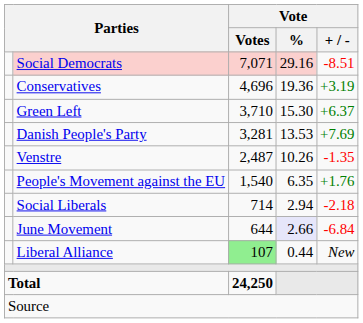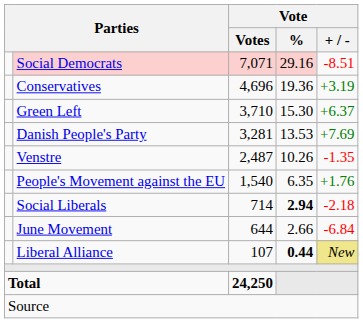 <table class="wikitable" style="text-align:right;">
 <tr>
 <th style="text-align:centre;" rowspan="2" colspan="2" width="225">Parties</th>
 <th colspan="3">Vote</th>
 </tr>
 <tr>
 <th width="15">Votes</th>
 <th width="15">%</th>
 <th width="15">+ / -</th>
 </tr>
 <tr>
 <td width="2" style="color:inherit;background:"></td>
 <td bgcolor=#fbd0ce   align="left"><a href='#'>Social Democrats</a></td>
 <td bgcolor=#fbd0ce>7,071</td>
 <td bgcolor=#fbd0ce>29.16</td>
 <td style=color:red;>-8.51</td>
 </tr>
 <tr>
 <td width="2" style="color:inherit;background:"></td>
 <td align="left"><a href='#'>Conservatives</a></td>
 <td>4,696</td>
 <td>19.36</td>
 <td style=color:green;>+3.19</td>
 </tr>
 <tr>
 <td width="2" style="color:inherit;background:"></td>
 <td align="left"><a href='#'>Green Left</a></td>
 <td>3,710</td>
 <td>15.30</td>
 <td style=color:green;>+6.37</td>
 </tr>
 <tr>
 <td width="2" style="color:inherit;background:"></td>
 <td align="left"><a href='#'>Danish People's Party</a></td>
 <td>3,281</td>
 <td>13.53</td>
 <td style=color:green;>+7.69</td>
 </tr>
 <tr>
 <td width="2" style="color:inherit;background:"></td>
 <td align="left"><a href='#'>Venstre</a></td>
 <td>2,487</td>
 <td>10.26</td>
 <td style=color:red;>-1.35</td>
 </tr>
 <tr>
 <td width="2" style="color:inherit;background:"></td>
 <td align="left"><a href='#'>People's Movement against the EU</a></td>
 <td>1,540</td>
 <td>6.35</td>
 <td style=color:green;>+1.76</td>
 </tr>
 <tr>
 <td width="2" style="color:inherit;background:"></td>
 <td align="left"><a href='#'>Social Liberals</a></td>
 <td>714</td>
-<td>2.94</td>
+<td><strong>2.94</strong></td>
 <td style=color:red;>-2.18</td>
 </tr>
 <tr>
 <td width="2" style="color:inherit;background:"></td>
 <td align="left"><a href='#'>June Movement</a></td>
 <td>644</td>
-<td style="background: lavender;">2.66</td>
+<td>2.66</td>
 <td style=color:red;>-6.84</td>
 </tr>
 <tr>
 <td width="2" style="color:inherit;background:"></td>
 <td align="left"><a href='#'>Liberal Alliance</a></td>
-<td style="background: lightgreen;">107</td>
-<td>0.44</td>
-<td><em>New</em></td>
+<td>107</td>
+<td><strong>0.44</strong></td>
+<td style="background: khaki;"><em>New</em></td>
 </tr>
 <tr>
 <td colspan="7" bgcolor="#E9E9E9"></td>
 </tr>
 <tr>
 <td align="left" colspan="2"><strong>Total</strong></td>
 <td><strong>24,250</strong></td>
 <td bgcolor="#E9E9E9" colspan="2"></td>
 </tr>
 <tr>
 <td align="left" colspan="6">Source</td>
 </tr>
 </table>
